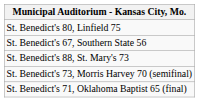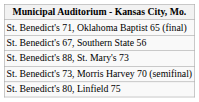 <table class="wikitable">
 <tr>
 <th>Municipal Auditorium - Kansas City, Mo.</th>
 </tr>
 <tr>
-<td>St. Benedict's 80, Linfield 75</td>
+<td>St. Benedict's 71, Oklahoma Baptist 65 (final)</td>
 </tr>
 <tr>
 <td>St. Benedict's 67, Southern State 56</td>
 </tr>
 <tr>
 <td>St. Benedict's 88, St. Mary's 73</td>
 </tr>
 <tr>
 <td>St. Benedict's 73, Morris Harvey 70 (semifinal)</td>
 </tr>
 <tr>
-<td>St. Benedict's 71, Oklahoma Baptist 65 (final)</td>
+<td>St. Benedict's 80, Linfield 75</td>
 </tr>
 </table>
